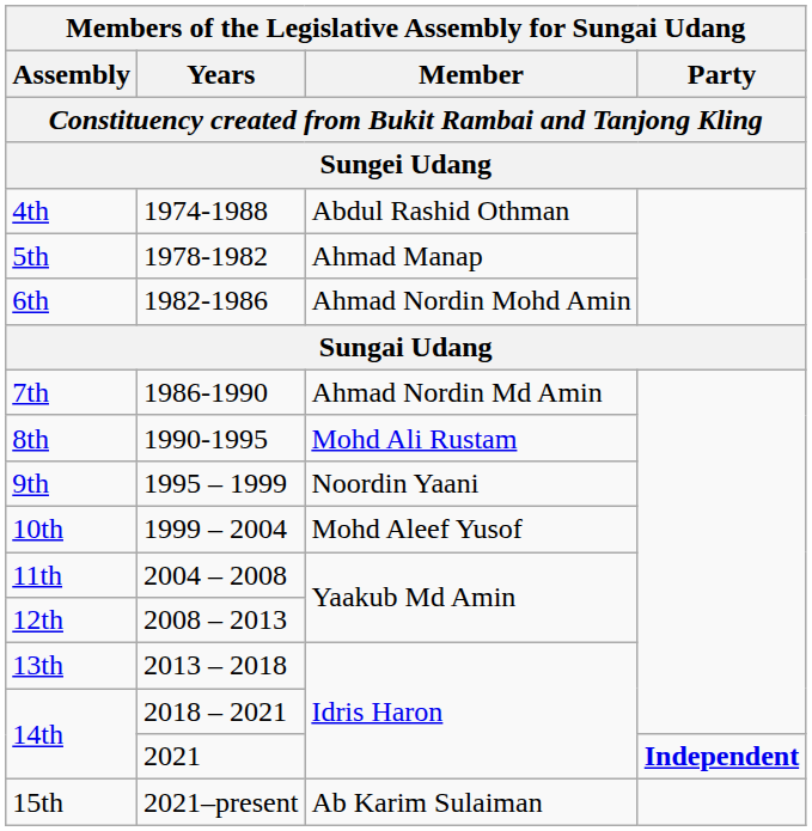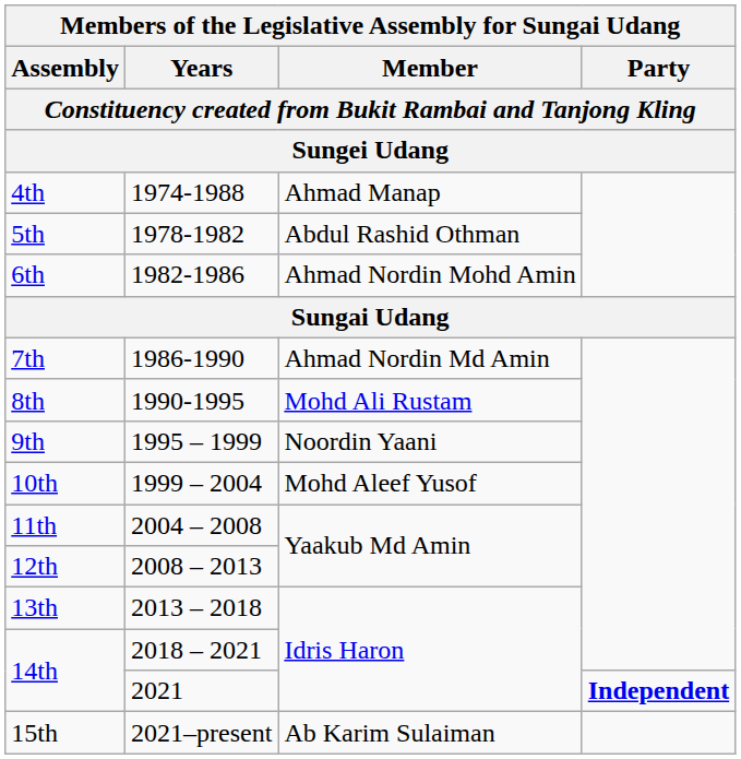 <table class=wikitable>
 <tr>
 <th colspan=4>Members of the Legislative Assembly for Sungai Udang</th>
 </tr>
 <tr>
 <th>Assembly</th>
 <th>Years</th>
 <th>Member</th>
 <th>Party</th>
 </tr>
 <tr>
 <th colspan=4 align=center><em>Constituency created from Bukit Rambai and Tanjong Kling</em></th>
 </tr>
 <tr>
 <th colspan=4 align=center>Sungei Udang</th>
 </tr>
 <tr>
 <td><a href='#'>4th</a></td>
 <td>1974-1988</td>
-<td>Abdul Rashid Othman</td>
+<td>Ahmad Manap</td>
 <td rowspan="3"></td>
 </tr>
 <tr>
 <td><a href='#'>5th</a></td>
 <td>1978-1982</td>
-<td>Ahmad Manap</td>
+<td>Abdul Rashid Othman</td>
 </tr>
 <tr>
 <td><a href='#'>6th</a></td>
 <td>1982-1986</td>
 <td>Ahmad Nordin Mohd Amin</td>
 </tr>
 <tr>
 <th colspan=4 align=center>Sungai Udang</th>
 </tr>
 <tr>
 <td><a href='#'>7th</a></td>
 <td>1986-1990</td>
 <td>Ahmad Nordin Md Amin</td>
 <td rowspan="8"></td>
 </tr>
 <tr>
 <td><a href='#'>8th</a></td>
 <td>1990-1995</td>
 <td><a href='#'>Mohd Ali Rustam</a></td>
 </tr>
 <tr>
 <td><a href='#'>9th</a></td>
 <td>1995 – 1999</td>
 <td>Noordin Yaani</td>
 </tr>
 <tr>
 <td><a href='#'>10th</a></td>
 <td>1999 – 2004</td>
 <td>Mohd Aleef Yusof</td>
 </tr>
 <tr>
 <td><a href='#'>11th</a></td>
 <td>2004 – 2008</td>
 <td rowspan="2">Yaakub Md Amin</td>
 </tr>
 <tr>
 <td><a href='#'>12th</a></td>
 <td>2008 – 2013</td>
 </tr>
 <tr>
 <td><a href='#'>13th</a></td>
 <td>2013 – 2018</td>
 <td rowspan="3"><a href='#'>Idris Haron</a></td>
 </tr>
 <tr>
 <td rowspan="2"><a href='#'>14th</a></td>
 <td>2018 – 2021</td>
 </tr>
 <tr>
 <td>2021</td>
 <td><strong><a href='#'>Independent</a></strong></td>
 </tr>
 <tr>
 <td>15th</td>
 <td>2021–present</td>
 <td>Ab Karim Sulaiman</td>
 <td></td>
 </tr>
 </table>
